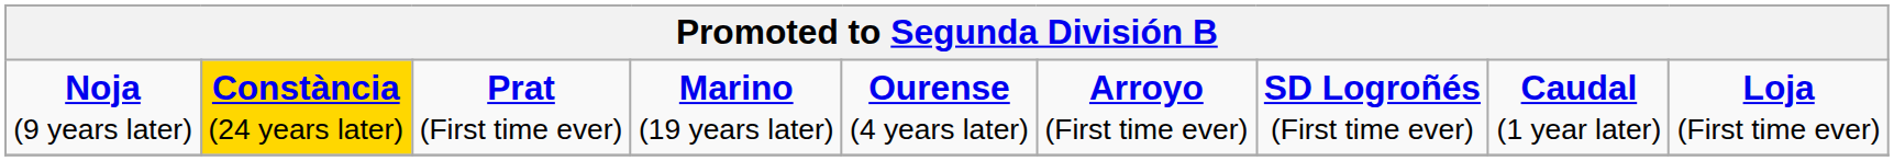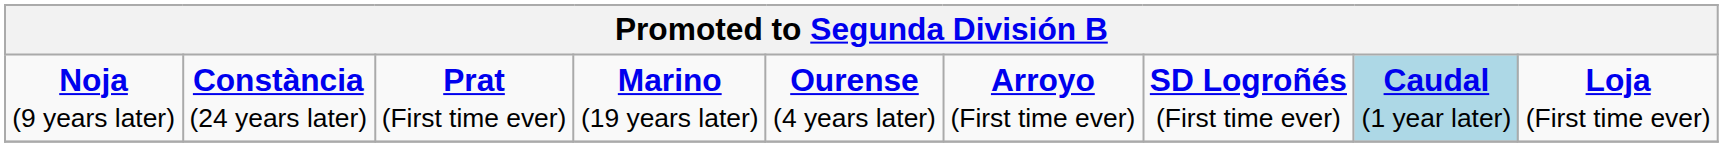 <table class="wikitable" style="text-align: center; margin: 0 auto;">
 <tr>
 <th colspan="9">Promoted to <a href='#'>Segunda División B</a></th>
 </tr>
 <tr>
 <td><strong><a href='#'>Noja</a></strong><br><small>(9 years later)</small></td>
-<td style="background: gold;"><strong><a href='#'>Constància</a></strong><br><small>(24 years later)</small></td>
+<td><strong><a href='#'>Constància</a></strong><br><small>(24 years later)</small></td>
 <td><strong><a href='#'>Prat</a></strong><br><small>(First time ever)</small></td>
 <td><strong><a href='#'>Marino</a></strong><br><small>(19 years later)</small></td>
 <td><strong><a href='#'>Ourense</a></strong><br><small>(4 years later)</small></td>
 <td><strong><a href='#'>Arroyo</a></strong><br><small>(First time ever)</small></td>
 <td><strong><a href='#'>SD Logroñés</a></strong><br><small>(First time ever)</small></td>
-<td><strong><a href='#'>Caudal</a></strong><br><small>(1 year later)</small></td>
+<td style="background: lightblue;"><strong><a href='#'>Caudal</a></strong><br><small>(1 year later)</small></td>
 <td><strong><a href='#'>Loja</a></strong><br><small>(First time ever)</small></td>
 </tr>
 <tr>
 </tr>
 </table>
